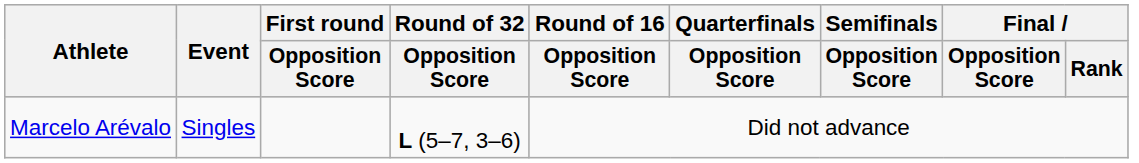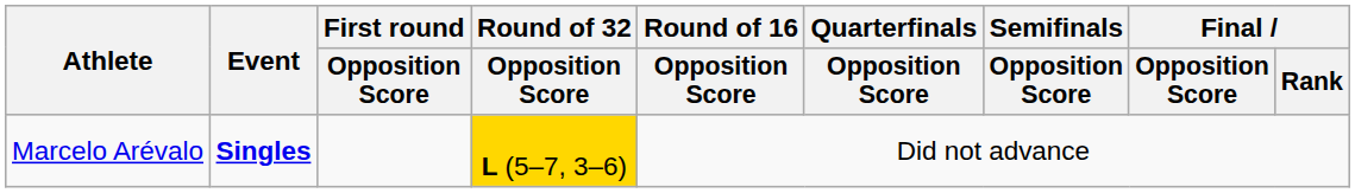 <table class=wikitable style="font-size:90%">
 <tr>
 <th rowspan="2">Athlete</th>
 <th rowspan="2">Event</th>
 <th>First round</th>
 <th>Round of 32</th>
 <th>Round of 16</th>
 <th>Quarterfinals</th>
 <th>Semifinals</th>
 <th colspan=2>Final / </th>
 </tr>
 <tr style="font-size:95%">
 <th>Opposition<br>Score</th>
 <th>Opposition<br>Score</th>
 <th>Opposition<br>Score</th>
 <th>Opposition<br>Score</th>
 <th>Opposition<br>Score</th>
 <th>Opposition<br>Score</th>
 <th>Rank</th>
 </tr>
 <tr align=center>
 <td align=left><a href='#'>Marcelo Arévalo</a></td>
-<td align=left><a href='#'>Singles</a></td>
+<td align=left><strong><a href='#'>Singles</a></strong></td>
 <td></td>
-<td><br><strong>L</strong> (5–7, 3–6)</td>
+<td style="background: gold;"><br><strong>L</strong> (5–7, 3–6)</td>
 <td colspan=5>Did not advance</td>
 </tr>
 </table>
